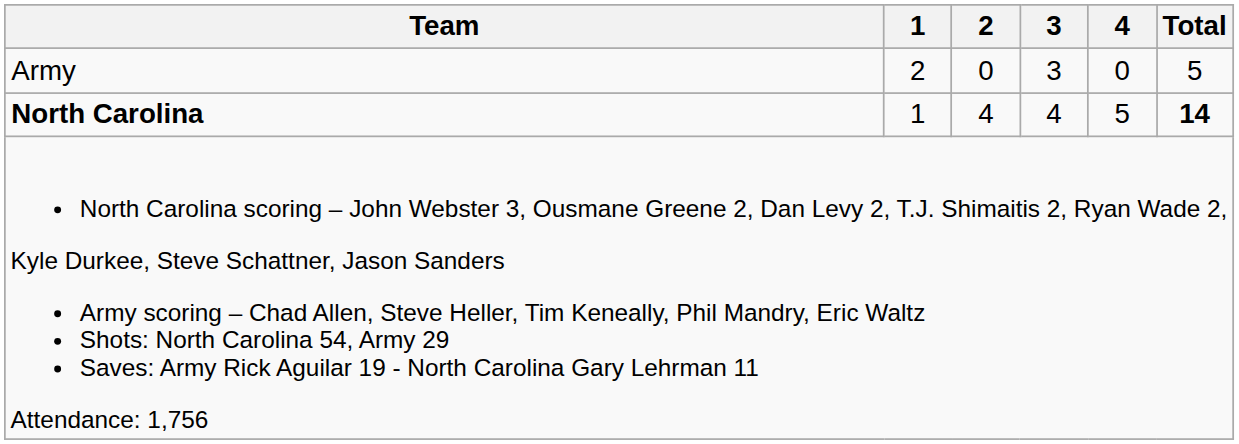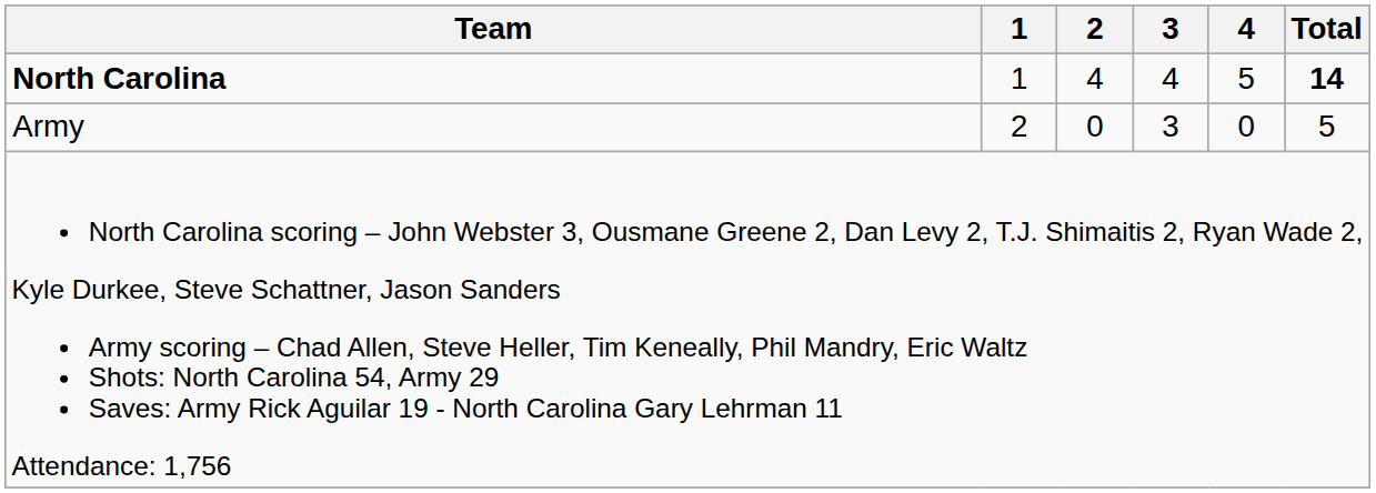 <table class="wikitable" style="text-align:center; max-width:45em">
 <tr>
 <th>Team</th>
 <th style="width:2em">1</th>
 <th style="width:2em">2</th>
 <th style="width:2em">3</th>
 <th style="width:2em">4</th>
 <th style="width:2em">Total</th>
 </tr>
 <tr>
+<td style="text-align:left"><strong>North Carolina</strong></td>
+<td>1</td>
+<td>4</td>
+<td>4</td>
+<td>5</td>
+<td><strong>14</strong></td>
+</tr>
+<tr>
 <td style="text-align:left">Army</td>
 <td>2</td>
 <td>0</td>
 <td>3</td>
 <td>0</td>
 <td>5</td>
 </tr>
 <tr>
-<td style="text-align:left"><strong>North Carolina</strong></td>
-<td>1</td>
-<td>4</td>
-<td>4</td>
-<td>5</td>
-<td><strong>14</strong></td>
-</tr>
-<tr>
 <td colspan=6 style="text-align:left; font-size:88%;"><br><ul><li>North Carolina scoring – John Webster 3, Ousmane Greene 2, Dan Levy 2, T.J. Shimaitis 2, Ryan Wade 2,</li></ul>Kyle Durkee, Steve Schattner, Jason Sanders<ul><li>Army scoring – Chad Allen, Steve Heller, Tim Keneally, Phil Mandry, Eric Waltz</li><li>Shots: North Carolina 54, Army 29</li><li>Saves: Army Rick Aguilar 19 - North Carolina Gary Lehrman 11</li></ul>Attendance: 1,756 </td>
 </tr>
 </table>
